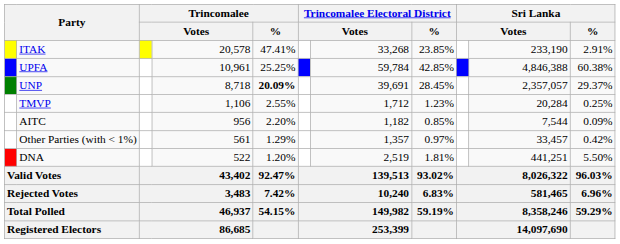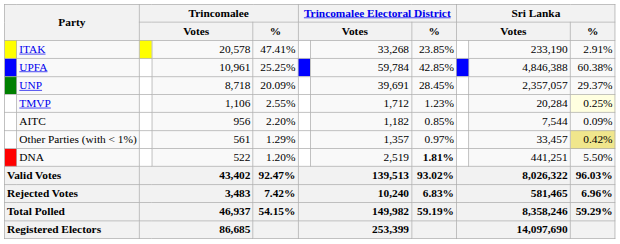 <table class="wikitable">
 <tr>
 <th colspan="2" width="144px"rowspan="2">Party</th>
 <th colspan="3" width="216px">Trincomalee</th>
 <th colspan="3" width="216px"><a href='#'>Trincomalee Electoral District</a></th>
 <th colspan="3" width="216px">Sri Lanka</th>
 </tr>
 <tr>
 <th colspan="2" width="144px">Votes</th>
 <th>%</th>
 <th colspan="2" width="144px">Votes</th>
 <th>%</th>
 <th colspan="2" width="144px">Votes</th>
 <th>%</th>
 </tr>
 <tr>
 <td style="background-color:yellow;" width="10px"></td>
 <td style="text-align:left;"><a href='#'>ITAK</a></td>
 <td style="background-color:yellow;" width="10px"></td>
 <td style="text-align:right;">20,578</td>
 <td style="text-align:right;">47.41%</td>
 <td style="background-color:white;" width="10px"></td>
 <td style="text-align:right;">33,268</td>
 <td style="text-align:right;">23.85%</td>
 <td style="background-color:white;" width="10px"></td>
 <td style="text-align:right;">233,190</td>
 <td style="text-align:right;">2.91%</td>
 </tr>
 <tr>
 <td style="background-color:blue;" width="10px"></td>
 <td style="text-align:left;"><a href='#'>UPFA</a></td>
 <td style="background-color:white;" width="10px"></td>
 <td style="text-align:right;">10,961</td>
 <td style="text-align:right;">25.25%</td>
 <td style="background-color:blue;" width="10px"></td>
 <td style="text-align:right;">59,784</td>
 <td style="text-align:right;">42.85%</td>
 <td style="background-color:blue;" width="10px"></td>
 <td style="text-align:right;">4,846,388</td>
 <td style="text-align:right;">60.38%</td>
 </tr>
 <tr>
 <td style="background-color:green;" width="10px"></td>
 <td style="text-align:left;"><a href='#'>UNP</a></td>
 <td style="background-color:white;" width="10px"></td>
 <td style="text-align:right;">8,718</td>
-<td style="text-align:right;"><strong>20.09%</strong></td>
+<td style="text-align:right;">20.09%</td>
 <td style="background-color:white;" width="10px"></td>
 <td style="text-align:right;">39,691</td>
 <td style="text-align:right;">28.45%</td>
 <td style="background-color:white;" width="10px"></td>
 <td style="text-align:right;">2,357,057</td>
 <td style="text-align:right;">29.37%</td>
 </tr>
 <tr>
 <td style="background-color:white;" width="10px"></td>
 <td style="text-align:left;"><a href='#'>TMVP</a></td>
 <td style="background-color:white;" width="10px"></td>
 <td style="text-align:right;">1,106</td>
 <td style="text-align:right;">2.55%</td>
 <td style="background-color:white;" width="10px"></td>
 <td style="text-align:right;">1,712</td>
 <td style="text-align:right;">1.23%</td>
 <td style="background-color:white;" width="10px"></td>
 <td style="text-align:right;">20,284</td>
-<td style="text-align:right;">0.25%</td>
+<td style="background: lightyellow; text-align:right;">0.25%</td>
 </tr>
 <tr>
 <td style="background-color:white;" width="10px"></td>
 <td style="text-align:left;">AITC</td>
 <td style="background-color:white;" width="10px"></td>
 <td style="text-align:right;">956</td>
 <td style="text-align:right;">2.20%</td>
 <td style="background-color:white;" width="10px"></td>
 <td style="text-align:right;">1,182</td>
 <td style="text-align:right;">0.85%</td>
 <td style="background-color:white;" width="10px"></td>
 <td style="text-align:right;">7,544</td>
 <td style="text-align:right;">0.09%</td>
 </tr>
 <tr>
 <td style="background-color:white;" width="10px"></td>
 <td style="text-align:left;">Other Parties (with < 1%)</td>
 <td style="background-color:white;" width="10px"></td>
 <td style="text-align:right;">561</td>
 <td style="text-align:right;">1.29%</td>
 <td style="background-color:white;" width="10px"></td>
 <td style="text-align:right;">1,357</td>
 <td style="text-align:right;">0.97%</td>
 <td style="background-color:white;" width="10px"></td>
 <td style="text-align:right;">33,457</td>
-<td style="text-align:right;">0.42%</td>
+<td style="background: khaki; text-align:right;">0.42%</td>
 </tr>
 <tr>
 <td style="background-color:red;" width="10px"></td>
 <td style="text-align:left;">DNA</td>
 <td style="background-color:white;" width="10px"></td>
 <td style="text-align:right;">522</td>
 <td style="text-align:right;">1.20%</td>
 <td style="background-color:white;" width="10px"></td>
 <td style="text-align:right;">2,519</td>
-<td style="text-align:right;">1.81%</td>
+<td style="text-align:right;"><strong>1.81%</strong></td>
 <td style="background-color:white;" width="10px"></td>
 <td style="text-align:right;">441,251</td>
 <td style="text-align:right;">5.50%</td>
 </tr>
 <tr>
 <th colspan="2" width="144px"style="text-align:left;">Valid Votes</th>
 <th style="text-align:right;"colspan="2" width="144px">43,402</th>
 <th style="text-align:right;">92.47%</th>
 <th style="text-align:right;"colspan="2" width="144px">139,513</th>
 <th style="text-align:right;">93.02%</th>
 <th style="text-align:right;"colspan="2" width="144px">8,026,322</th>
 <th style="text-align:right;">96.03%</th>
 </tr>
 <tr>
 <th colspan="2" width="144px"style="text-align:left;">Rejected Votes</th>
 <th style="text-align:right;"colspan="2" width="144px">3,483</th>
 <th style="text-align:right;">7.42%</th>
 <th style="text-align:right;"colspan="2" width="144px">10,240</th>
 <th style="text-align:right;">6.83%</th>
 <th style="text-align:right;"colspan="2" width="144px">581,465</th>
 <th style="text-align:right;">6.96%</th>
 </tr>
 <tr>
 <th colspan="2" width="144px"style="text-align:left;">Total Polled</th>
 <th style="text-align:right;"colspan="2" width="144px">46,937</th>
 <th style="text-align:right;">54.15%</th>
 <th style="text-align:right;"colspan="2" width="144px">149,982</th>
 <th style="text-align:right;">59.19%</th>
 <th style="text-align:right;"colspan="2" width="144px">8,358,246</th>
 <th style="text-align:right;">59.29%</th>
 </tr>
 <tr>
 <th colspan="2" width="144px"style="text-align:left;">Registered Electors</th>
 <th style="text-align:right;"colspan="2" width="144px">86,685</th>
 <th></th>
 <th style="text-align:right;"colspan="2" width="144px">253,399</th>
 <th></th>
 <th style="text-align:right;"colspan="2" width="144px">14,097,690</th>
 <th></th>
 </tr>
 </table>
